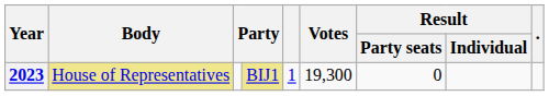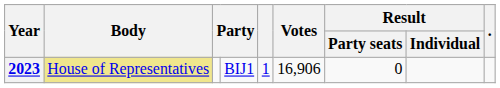 <table class="wikitable plainrowheaders sortable" border=2 cellpadding=4 cellspacing=0 style="border: 1px #aaa solid; font-size: 90%; text-align:center;">
 <tr>
 <th scope="col" rowspan=2>Year</th>
 <th scope="col" rowspan=2>Body</th>
 <th scope="col" colspan=2 rowspan=2>Party</th>
 <th scope="col" rowspan=2></th>
 <th scope="col" rowspan=2>Votes</th>
 <th scope="colgroup" colspan=2>Result</th>
 <th scope="col" rowspan=2 class="unsortable">.</th>
 </tr>
 <tr>
 <th scope="col">Party seats</th>
 <th scope="col">Individual</th>
 </tr>
 <tr>
 <th scope="row"><a href='#'>2023</a></th>
 <td style="background: khaki;"><a href='#'>House of Representatives</a></td>
 <td style="background-color:"></td>
-<td style="background: khaki;"><a href='#'>BIJ1</a></td>
+<td><a href='#'>BIJ1</a></td>
 <td style=text-align:right><a href='#'>1</a></td>
-<td style=text-align:right>19,300</td>
+<td style=text-align:right>16,906</td>
 <td style=text-align:right>0</td>
 <td></td>
 <td></td>
 </tr>
 </table>
